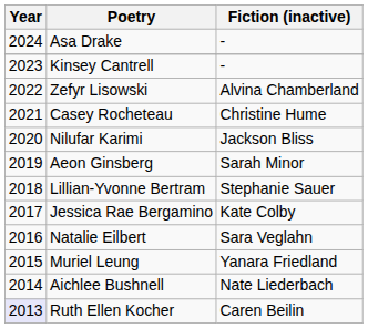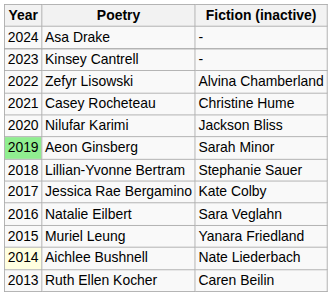 <table class="wikitable">
 <tr>
 <th>Year</th>
 <th>Poetry</th>
 <th>Fiction (inactive)</th>
 </tr>
 <tr>
 <td>2024</td>
 <td>Asa Drake</td>
 <td>-</td>
 </tr>
 <tr>
 </tr>
 <tr>
 <td>2023</td>
 <td>Kinsey Cantrell</td>
 <td>-</td>
 </tr>
 <tr>
 <td>2022</td>
 <td>Zefyr Lisowski</td>
 <td>Alvina Chamberland</td>
 </tr>
 <tr>
 <td>2021</td>
 <td>Casey Rocheteau</td>
 <td>Christine Hume</td>
 </tr>
 <tr>
 <td>2020</td>
 <td>Nilufar Karimi</td>
 <td>Jackson Bliss</td>
 </tr>
 <tr>
-<td>2019</td>
+<td style="background: lightgreen;">2019</td>
 <td>Aeon Ginsberg</td>
 <td>Sarah Minor</td>
 </tr>
 <tr>
 <td>2018</td>
 <td>Lillian-Yvonne Bertram</td>
 <td>Stephanie Sauer</td>
 </tr>
 <tr>
 <td>2017</td>
 <td>Jessica Rae Bergamino</td>
 <td>Kate Colby</td>
 </tr>
 <tr>
 <td>2016</td>
 <td>Natalie Eilbert</td>
 <td>Sara Veglahn</td>
 </tr>
 <tr>
 <td>2015</td>
 <td>Muriel Leung</td>
 <td>Yanara Friedland</td>
 </tr>
 <tr>
-<td>2014</td>
+<td style="background: lightyellow;">2014</td>
 <td>Aichlee Bushnell</td>
 <td>Nate Liederbach</td>
 </tr>
 <tr>
-<td style="background: lavender;">2013</td>
+<td>2013</td>
 <td>Ruth Ellen Kocher</td>
 <td>Caren Beilin</td>
 </tr>
 </table>
